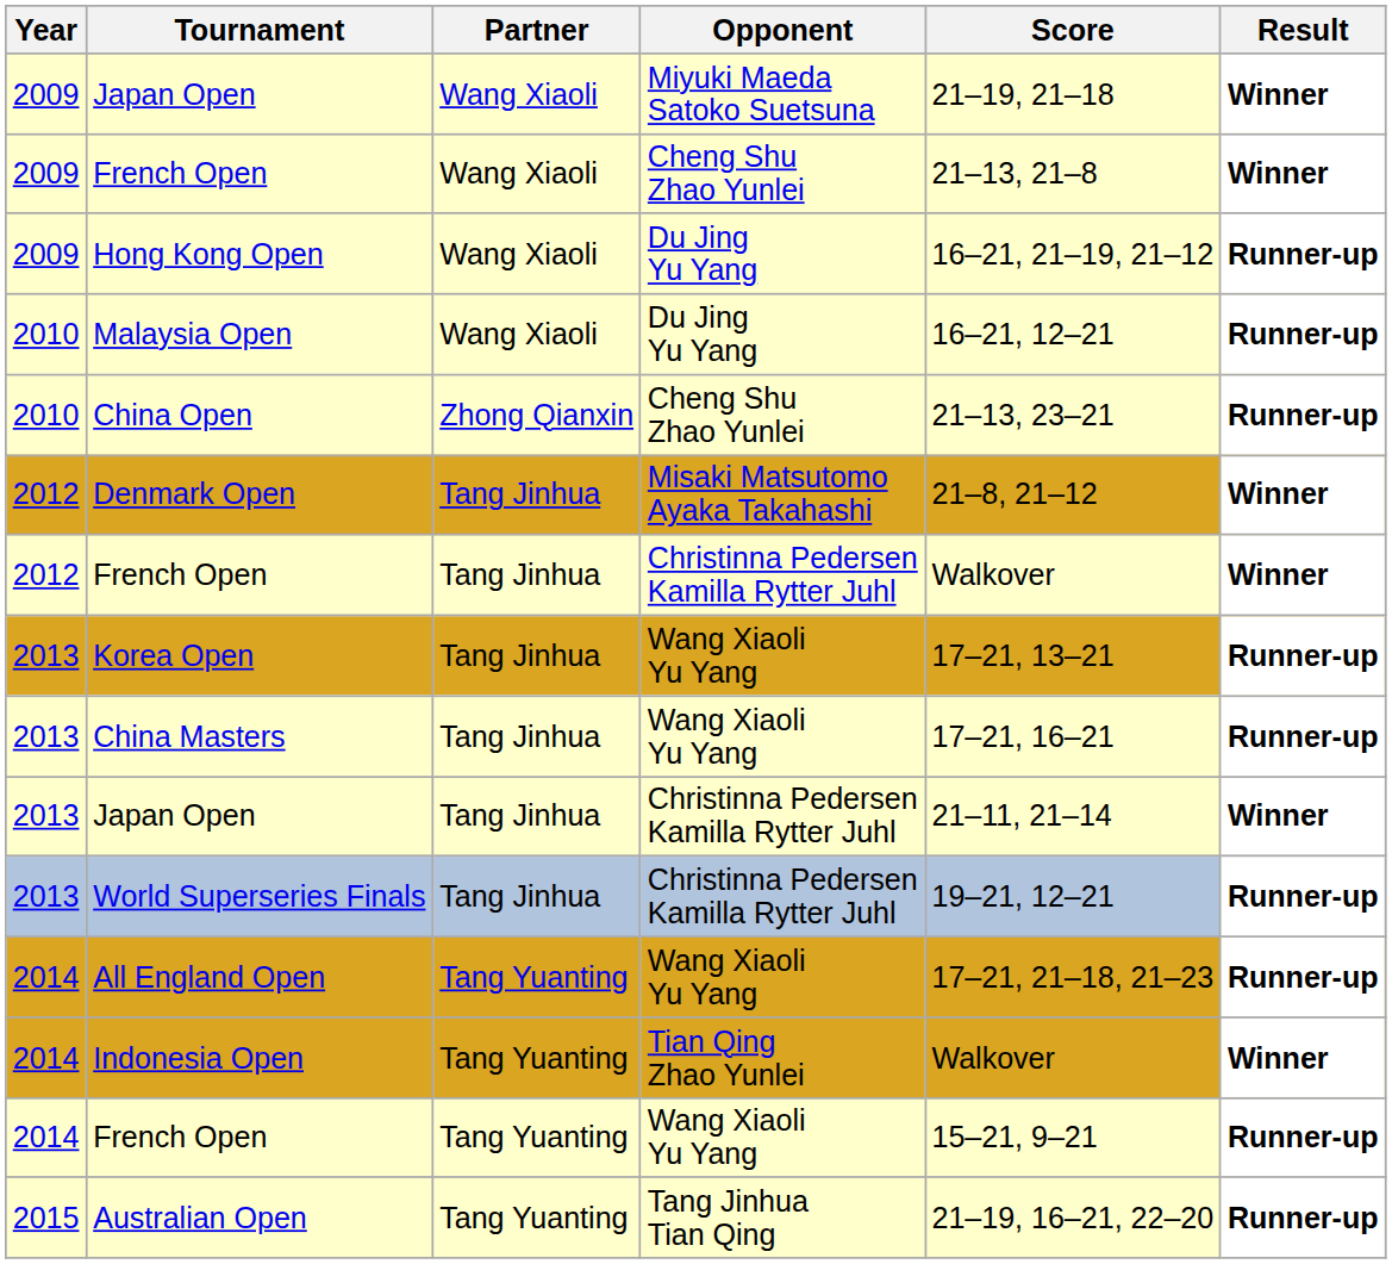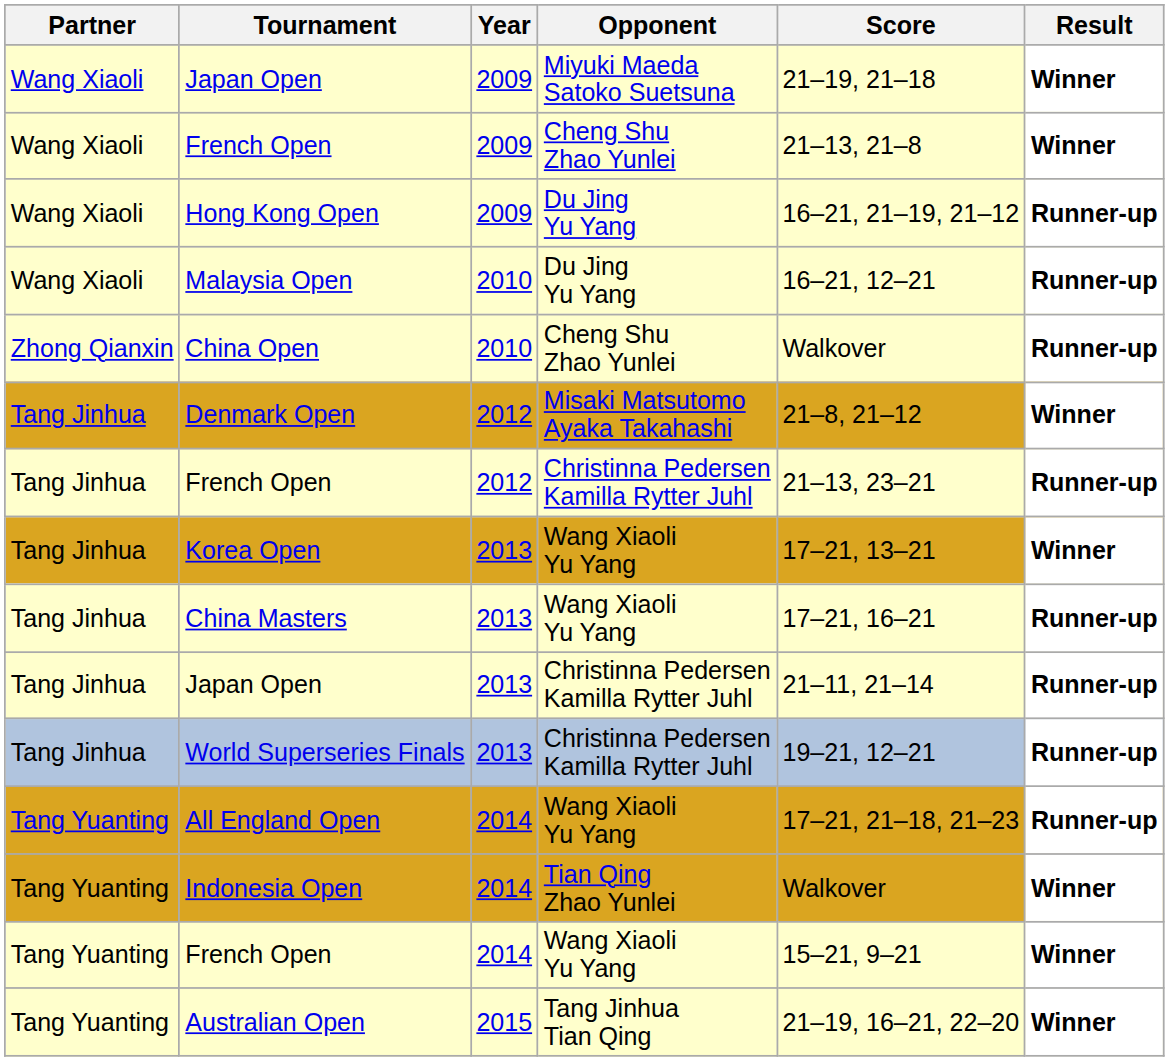 <table class="sortable wikitable" style="font-size: 90%;">
 <tr>
+<th>Partner</th>
+<th>Tournament</th>
 <th>Year</th>
-<th>Tournament</th>
-<th>Partner</th>
 <th>Opponent</th>
 <th>Score</th>
 <th>Result</th>
 </tr>
 <tr style="background:#FFFFCC">
+<td align="left"> <a href='#'>Wang Xiaoli</a></td>
+<td align="left"><a href='#'>Japan Open</a></td>
 <td align="center"><a href='#'>2009</a></td>
-<td align="left"><a href='#'>Japan Open</a></td>
-<td align="left"> <a href='#'>Wang Xiaoli</a></td>
 <td align="left"> <a href='#'>Miyuki Maeda</a> <br>  <a href='#'>Satoko Suetsuna</a></td>
 <td align="left">21–19, 21–18</td>
 <td style="text-align:left; background:white"> <strong>Winner</strong></td>
 </tr>
 <tr style="background:#FFFFCC">
+<td align="left"> Wang Xiaoli</td>
+<td align="left"><a href='#'>French Open</a></td>
 <td align="center"><a href='#'>2009</a></td>
-<td align="left"><a href='#'>French Open</a></td>
-<td align="left"> Wang Xiaoli</td>
 <td align="left"> <a href='#'>Cheng Shu</a> <br>  <a href='#'>Zhao Yunlei</a></td>
 <td align="left">21–13, 21–8</td>
 <td style="text-align:left; background:white"> <strong>Winner</strong></td>
 </tr>
 <tr style="background:#FFFFCC">
+<td align="left"> Wang Xiaoli</td>
+<td align="left"><a href='#'>Hong Kong Open</a></td>
 <td align="center"><a href='#'>2009</a></td>
-<td align="left"><a href='#'>Hong Kong Open</a></td>
-<td align="left"> Wang Xiaoli</td>
 <td align="left"> <a href='#'>Du Jing</a> <br>  <a href='#'>Yu Yang</a></td>
 <td align="left">16–21, 21–19, 21–12</td>
 <td style="text-align:left; background:white"> <strong>Runner-up</strong></td>
 </tr>
 <tr style="background:#FFFFCC">
+<td align="left"> Wang Xiaoli</td>
+<td align="left"><a href='#'>Malaysia Open</a></td>
 <td align="center"><a href='#'>2010</a></td>
-<td align="left"><a href='#'>Malaysia Open</a></td>
-<td align="left"> Wang Xiaoli</td>
 <td align="left"> Du Jing <br>  Yu Yang</td>
 <td align="left">16–21, 12–21</td>
 <td style="text-align:left; background:white"> <strong>Runner-up</strong></td>
 </tr>
 <tr style="background:#FFFFCC">
+<td align="left"> <a href='#'>Zhong Qianxin</a></td>
+<td align="left"><a href='#'>China Open</a></td>
 <td align="center"><a href='#'>2010</a></td>
-<td align="left"><a href='#'>China Open</a></td>
-<td align="left"> <a href='#'>Zhong Qianxin</a></td>
 <td align="left"> Cheng Shu <br>  Zhao Yunlei</td>
-<td align="left">21–13, 23–21</td>
+<td align="left">Walkover</td>
 <td style="text-align:left; background:white"> <strong>Runner-up</strong></td>
 </tr>
 <tr style="background:#DAA520">
+<td align="left"> <a href='#'>Tang Jinhua</a></td>
+<td align="left"><a href='#'>Denmark Open</a></td>
 <td align="center"><a href='#'>2012</a></td>
-<td align="left"><a href='#'>Denmark Open</a></td>
-<td align="left"> <a href='#'>Tang Jinhua</a></td>
 <td align="left"> <a href='#'>Misaki Matsutomo</a> <br>  <a href='#'>Ayaka Takahashi</a></td>
 <td align="left">21–8, 21–12</td>
 <td style="text-align:left; background:white"> <strong>Winner</strong></td>
 </tr>
 <tr style="background:#FFFFCC">
+<td align="left"> Tang Jinhua</td>
+<td align="left">French Open</td>
 <td align="center"><a href='#'>2012</a></td>
-<td align="left">French Open</td>
+<td align="left"> <a href='#'>Christinna Pedersen</a> <br>  <a href='#'>Kamilla Rytter Juhl</a></td>
+<td align="left">21–13, 23–21</td>
+<td style="text-align:left; background:white"> <strong>Runner-up</strong></td>
+</tr>
+<tr style="background:#DAA520">
 <td align="left"> Tang Jinhua</td>
-<td align="left"> <a href='#'>Christinna Pedersen</a> <br>  <a href='#'>Kamilla Rytter Juhl</a></td>
-<td align="left">Walkover</td>
+<td align="left"><a href='#'>Korea Open</a></td>
+<td align="center"><a href='#'>2013</a></td>
+<td align="left"> Wang Xiaoli <br>  Yu Yang</td>
+<td align="left">17–21, 13–21</td>
 <td style="text-align:left; background:white"> <strong>Winner</strong></td>
 </tr>
-<tr style="background:#DAA520">
+<tr style="background:#FFFFCC">
+<td align="left"> Tang Jinhua</td>
+<td align="left"><a href='#'>China Masters</a></td>
 <td align="center"><a href='#'>2013</a></td>
-<td align="left"><a href='#'>Korea Open</a></td>
-<td align="left"> Tang Jinhua</td>
-<td align="left"> Wang Xiaoli <br>  Yu Yang</td>
-<td align="left">17–21, 13–21</td>
-<td style="text-align:left; background:white"> <strong>Runner-up</strong></td>
-</tr>
-<tr style="background:#FFFFCC">
-<td align="center"><a href='#'>2013</a></td>
-<td align="left"><a href='#'>China Masters</a></td>
-<td align="left"> Tang Jinhua</td>
 <td align="left"> Wang Xiaoli <br>  Yu Yang</td>
 <td align="left">17–21, 16–21</td>
 <td style="text-align:left; background:white"> <strong>Runner-up</strong></td>
 </tr>
 <tr style="background:#FFFFCC">
+<td align="left"> Tang Jinhua</td>
+<td align="left">Japan Open</td>
 <td align="center"><a href='#'>2013</a></td>
-<td align="left">Japan Open</td>
-<td align="left"> Tang Jinhua</td>
 <td align="left"> Christinna Pedersen <br>  Kamilla Rytter Juhl</td>
 <td align="left">21–11, 21–14</td>
-<td style="text-align:left; background:white"> <strong>Winner</strong></td>
+<td style="text-align:left; background:white"> <strong>Runner-up</strong></td>
 </tr>
 <tr style="background:#B0C4DE">
+<td align="left"> Tang Jinhua</td>
+<td align="left"><a href='#'>World Superseries Finals</a></td>
 <td align="center"><a href='#'>2013</a></td>
-<td align="left"><a href='#'>World Superseries Finals</a></td>
-<td align="left"> Tang Jinhua</td>
 <td align="left"> Christinna Pedersen <br>  Kamilla Rytter Juhl</td>
 <td align="left">19–21, 12–21</td>
 <td style="text-align:left; background:white"> <strong>Runner-up</strong></td>
 </tr>
 <tr style="background:#DAA520">
+<td align="left"> <a href='#'>Tang Yuanting</a></td>
+<td align="left"><a href='#'>All England Open</a></td>
 <td align="center"><a href='#'>2014</a></td>
-<td align="left"><a href='#'>All England Open</a></td>
-<td align="left"> <a href='#'>Tang Yuanting</a></td>
 <td align="left"> Wang Xiaoli <br>  Yu Yang</td>
 <td align="left">17–21, 21–18, 21–23</td>
 <td style="text-align:left; background:white"> <strong>Runner-up</strong></td>
 </tr>
 <tr style="background:#DAA520">
+<td align="left"> Tang Yuanting</td>
+<td align="left"><a href='#'>Indonesia Open</a></td>
 <td align="center"><a href='#'>2014</a></td>
-<td align="left"><a href='#'>Indonesia Open</a></td>
-<td align="left"> Tang Yuanting</td>
 <td align="left"> <a href='#'>Tian Qing</a> <br>  Zhao Yunlei</td>
 <td align="left">Walkover</td>
 <td style="text-align:left; background:white"> <strong>Winner</strong></td>
 </tr>
 <tr style="background:#FFFFCC">
+<td align="left"> Tang Yuanting</td>
+<td align="left">French Open</td>
 <td align="center"><a href='#'>2014</a></td>
-<td align="left">French Open</td>
-<td align="left"> Tang Yuanting</td>
 <td align="left"> Wang Xiaoli <br>  Yu Yang</td>
 <td align="left">15–21, 9–21</td>
-<td style="text-align:left; background:white"> <strong>Runner-up</strong></td>
+<td style="text-align:left; background:white"> <strong>Winner</strong></td>
 </tr>
 <tr style="background:#FFFFCC">
+<td align="left"> Tang Yuanting</td>
+<td align="left"><a href='#'>Australian Open</a></td>
 <td align="center"><a href='#'>2015</a></td>
-<td align="left"><a href='#'>Australian Open</a></td>
-<td align="left"> Tang Yuanting</td>
 <td align="left"> Tang Jinhua <br>  Tian Qing</td>
 <td align="left">21–19, 16–21, 22–20</td>
-<td style="text-align:left; background:white"> <strong>Runner-up</strong></td>
+<td style="text-align:left; background:white"> <strong>Winner</strong></td>
 </tr>
 </table>
